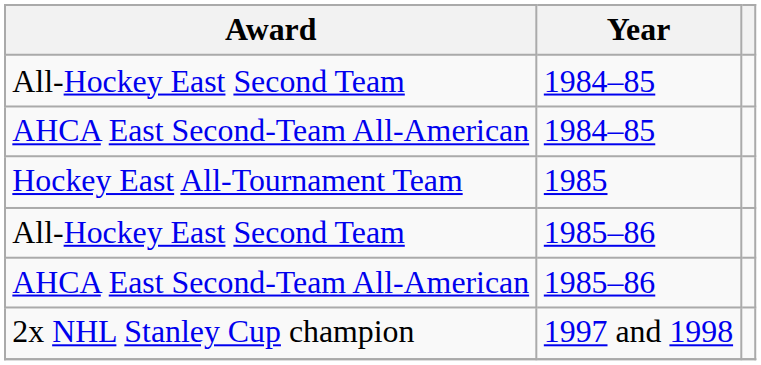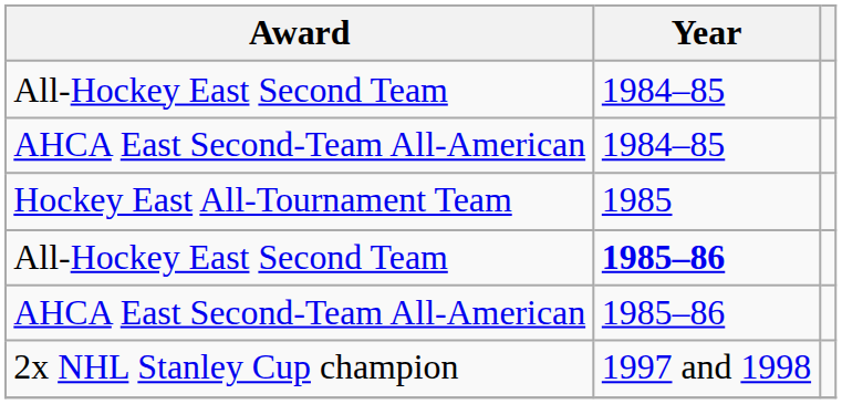 <table class="wikitable">
 <tr>
 <th>Award</th>
 <th>Year</th>
 <th></th>
 </tr>
 <tr>
 <td>All-<a href='#'>Hockey East</a> <a href='#'>Second Team</a></td>
 <td><a href='#'>1984–85</a></td>
 <td></td>
 </tr>
 <tr>
 <td><a href='#'>AHCA</a> <a href='#'>East Second-Team All-American</a></td>
 <td><a href='#'>1984–85</a></td>
 <td></td>
 </tr>
 <tr>
 <td><a href='#'>Hockey East</a> <a href='#'>All-Tournament Team</a></td>
 <td><a href='#'>1985</a></td>
 <td></td>
 </tr>
 <tr>
 <td>All-<a href='#'>Hockey East</a> <a href='#'>Second Team</a></td>
-<td><a href='#'>1985–86</a></td>
+<td><strong><a href='#'>1985–86</a></strong></td>
 <td></td>
 </tr>
 <tr>
 <td><a href='#'>AHCA</a> <a href='#'>East Second-Team All-American</a></td>
 <td><a href='#'>1985–86</a></td>
 <td></td>
 </tr>
 <tr>
 <td>2x <a href='#'>NHL</a> <a href='#'>Stanley Cup</a> champion</td>
 <td><a href='#'>1997</a> and <a href='#'>1998</a></td>
 <td></td>
 </tr>
 <tr>
 </tr>
 </table>
